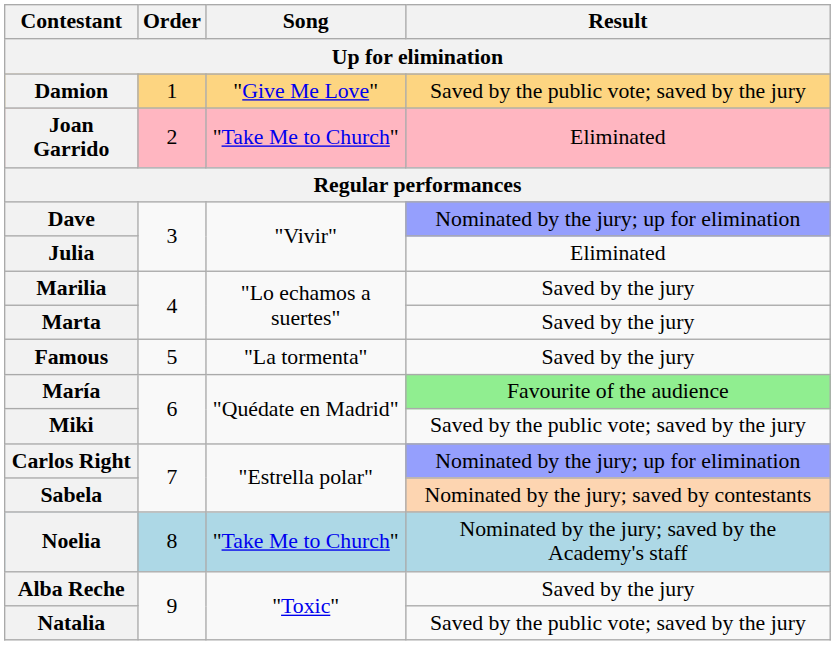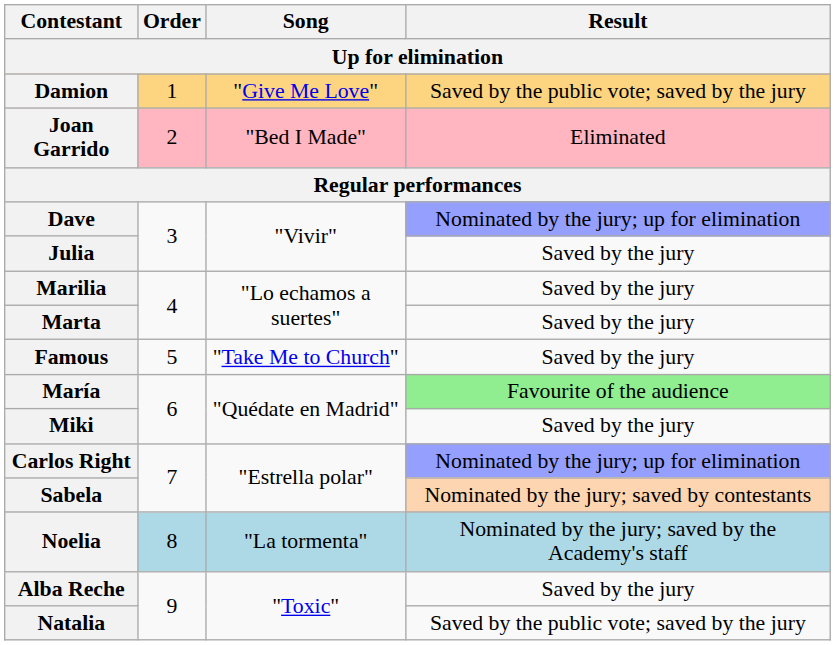 <table class="wikitable plainrowheaders" style="text-align:center;">
 <tr>
 <th scope="col">Contestant</th>
 <th scope="col">Order</th>
 <th scope="col">Song</th>
 <th scope="col">Result</th>
 </tr>
 <tr>
 <th colspan="4">Up for elimination</th>
 </tr>
 <tr style="background:#fdd581;">
 <th scope="row">Damion</th>
 <td>1</td>
 <td>"<a href='#'>Give Me Love</a>"</td>
 <td>Saved by the public vote; saved by the jury</td>
 </tr>
 <tr style="background:lightpink">
 <th scope="row">Joan Garrido</th>
 <td>2</td>
-<td>"<a href='#'>Take Me to Church</a>"</td>
+<td>"Bed I Made"</td>
 <td>Eliminated</td>
 </tr>
 <tr>
 <th colspan="4">Regular performances</th>
 </tr>
 <tr>
 <th scope="row">Dave</th>
 <td rowspan="2">3</td>
 <td rowspan="2">"Vivir"</td>
 <td style="background:#959ffd;">Nominated by the jury; up for elimination</td>
 </tr>
 <tr>
 <th scope="row">Julia</th>
-<td>Eliminated</td>
+<td>Saved by the jury</td>
 </tr>
 <tr>
 <th scope="row">Marilia</th>
 <td rowspan="2">4</td>
 <td rowspan="2">"Lo echamos a suertes"</td>
 <td>Saved by the jury</td>
 </tr>
 <tr>
 <th scope="row">Marta</th>
 <td>Saved by the jury</td>
 </tr>
 <tr>
 <th scope="row">Famous</th>
 <td>5</td>
-<td>"La tormenta"</td>
+<td>"<a href='#'>Take Me to Church</a>"</td>
 <td>Saved by the jury</td>
 </tr>
 <tr>
 <th scope="row">María</th>
 <td rowspan="2">6</td>
 <td rowspan="2">"Quédate en Madrid"</td>
 <td style="background:lightgreen">Favourite of the audience</td>
 </tr>
 <tr>
 <th scope="row">Miki</th>
-<td>Saved by the public vote; saved by the jury</td>
+<td>Saved by the jury</td>
 </tr>
 <tr>
 <th scope="row">Carlos Right</th>
 <td rowspan="2">7</td>
 <td rowspan="2">"Estrella polar"</td>
 <td style="background:#959ffd;">Nominated by the jury; up for elimination</td>
 </tr>
 <tr>
 <th scope="row">Sabela</th>
 <td style="background:#fdd5b1;">Nominated by the jury; saved by contestants</td>
 </tr>
 <tr style="background:lightblue;">
 <th scope="row">Noelia</th>
 <td>8</td>
-<td>"<a href='#'>Take Me to Church</a>"</td>
+<td>"La tormenta"</td>
 <td style="background:lightblue;">Nominated by the jury; saved by the Academy's staff</td>
 </tr>
 <tr>
 <th scope="row">Alba Reche</th>
 <td rowspan="2">9</td>
 <td rowspan="2">"<a href='#'>Toxic</a>"</td>
 <td>Saved by the jury</td>
 </tr>
 <tr>
 <th scope="row">Natalia</th>
 <td>Saved by the public vote; saved by the jury</td>
 </tr>
 </table>
